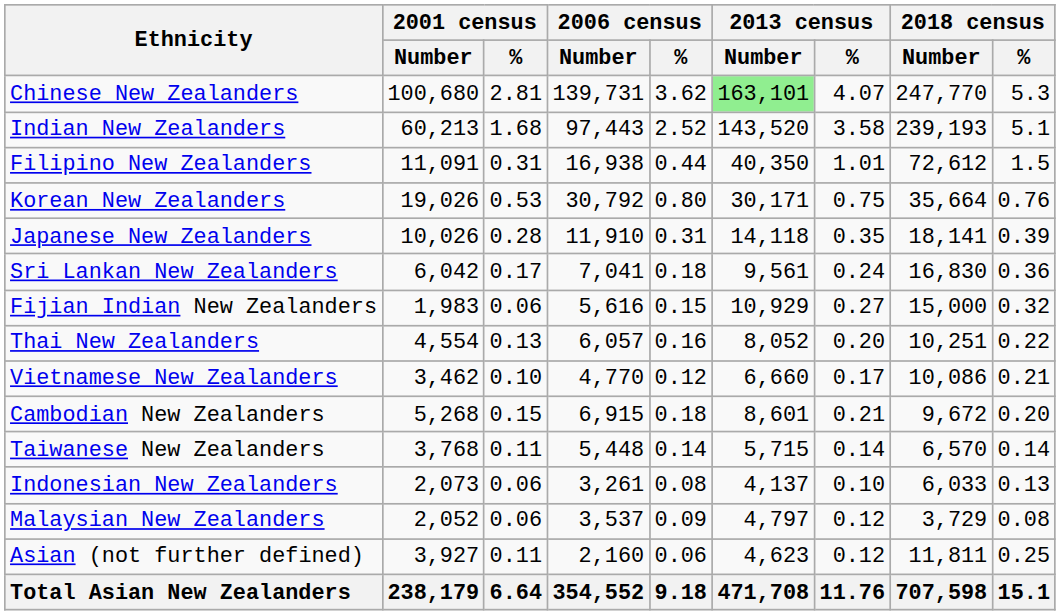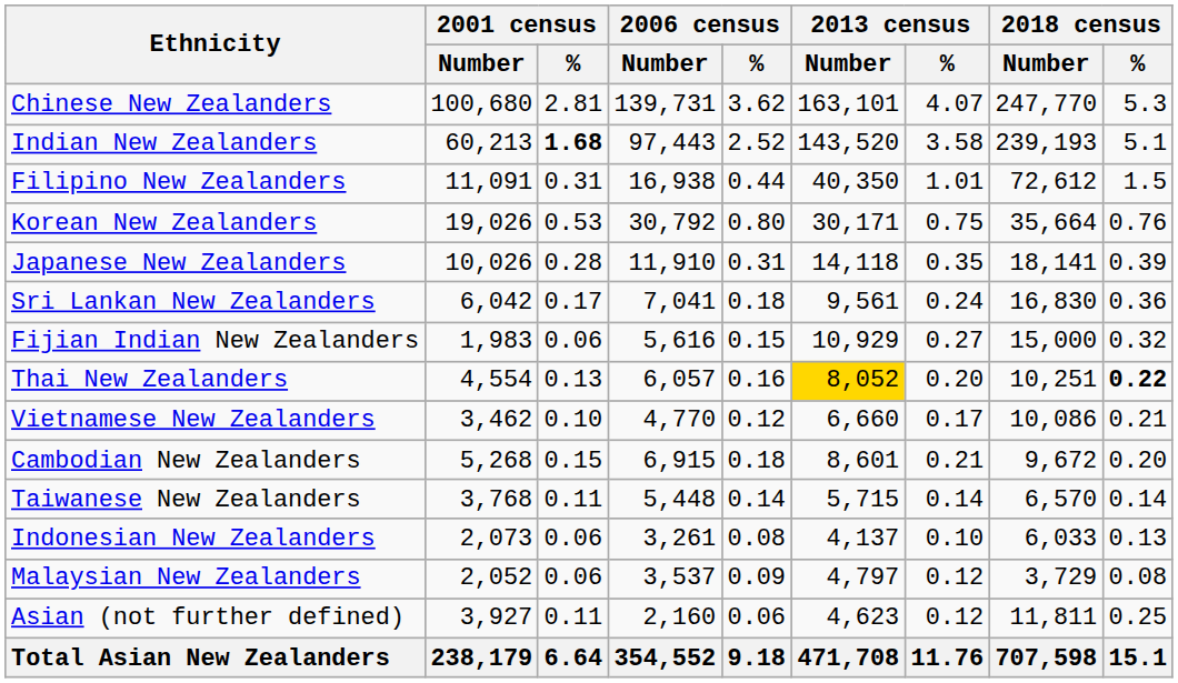 <table class="wikitable" style="text-align:right;">
 <tr>
 <th rowspan=2>Ethnicity</th>
 <th colspan=2>2001 census</th>
 <th colspan=2>2006 census</th>
 <th colspan=2>2013 census</th>
 <th colspan="2">2018 census</th>
 </tr>
 <tr>
 <th>Number</th>
 <th>%</th>
 <th>Number</th>
 <th>%</th>
 <th>Number</th>
 <th>%</th>
 <th>Number</th>
 <th>%</th>
 </tr>
 <tr>
 <td style="text-align:left;"><a href='#'>Chinese New Zealanders</a></td>
 <td>100,680</td>
 <td>2.81</td>
 <td>139,731</td>
 <td>3.62</td>
-<td style="background: lightgreen;">163,101</td>
+<td>163,101</td>
 <td>4.07</td>
 <td>247,770</td>
 <td>5.3</td>
 </tr>
 <tr>
 <td style="text-align:left;"><a href='#'>Indian New Zealanders</a></td>
 <td>60,213</td>
-<td>1.68</td>
+<td><strong>1.68</strong></td>
 <td>97,443</td>
 <td>2.52</td>
 <td>143,520</td>
 <td>3.58</td>
 <td>239,193</td>
 <td>5.1</td>
 </tr>
 <tr>
 <td style="text-align:left;"><a href='#'>Filipino New Zealanders</a></td>
 <td>11,091</td>
 <td>0.31</td>
 <td>16,938</td>
 <td>0.44</td>
 <td>40,350</td>
 <td>1.01</td>
 <td>72,612</td>
 <td>1.5</td>
 </tr>
 <tr>
 <td style="text-align:left;"><a href='#'>Korean New Zealanders</a></td>
 <td>19,026</td>
 <td>0.53</td>
 <td>30,792</td>
 <td>0.80</td>
 <td>30,171</td>
 <td>0.75</td>
 <td>35,664</td>
 <td>0.76</td>
 </tr>
 <tr>
 <td style="text-align:left;"><a href='#'>Japanese New Zealanders</a></td>
 <td>10,026</td>
 <td>0.28</td>
 <td>11,910</td>
 <td>0.31</td>
 <td>14,118</td>
 <td>0.35</td>
 <td>18,141</td>
 <td>0.39</td>
 </tr>
 <tr>
 <td style="text-align:left;"><a href='#'>Sri Lankan New Zealanders</a></td>
 <td>6,042</td>
 <td>0.17</td>
 <td>7,041</td>
 <td>0.18</td>
 <td>9,561</td>
 <td>0.24</td>
 <td>16,830</td>
 <td>0.36</td>
 </tr>
 <tr>
 <td style="text-align:left;"><a href='#'>Fijian Indian</a> New Zealanders</td>
 <td>1,983</td>
 <td>0.06</td>
 <td>5,616</td>
 <td>0.15</td>
 <td>10,929</td>
 <td>0.27</td>
 <td>15,000</td>
 <td>0.32</td>
 </tr>
 <tr>
 <td style="text-align:left;"><a href='#'>Thai New Zealanders</a></td>
 <td>4,554</td>
 <td>0.13</td>
 <td>6,057</td>
 <td>0.16</td>
-<td>8,052</td>
+<td style="background: gold;">8,052</td>
 <td>0.20</td>
 <td>10,251</td>
-<td>0.22</td>
+<td><strong>0.22</strong></td>
 </tr>
 <tr>
 <td style="text-align:left;"><a href='#'>Vietnamese New Zealanders</a></td>
 <td>3,462</td>
 <td>0.10</td>
 <td>4,770</td>
 <td>0.12</td>
 <td>6,660</td>
 <td>0.17</td>
 <td>10,086</td>
 <td>0.21</td>
 </tr>
 <tr>
 <td style="text-align:left;"><a href='#'>Cambodian</a> New Zealanders</td>
 <td>5,268</td>
 <td>0.15</td>
 <td>6,915</td>
 <td>0.18</td>
 <td>8,601</td>
 <td>0.21</td>
 <td>9,672</td>
 <td>0.20</td>
 </tr>
 <tr>
 <td style="text-align:left;"><a href='#'>Taiwanese</a> New Zealanders</td>
 <td>3,768</td>
 <td>0.11</td>
 <td>5,448</td>
 <td>0.14</td>
 <td>5,715</td>
 <td>0.14</td>
 <td>6,570</td>
 <td>0.14</td>
 </tr>
 <tr>
 <td style="text-align:left;"><a href='#'>Indonesian New Zealanders</a></td>
 <td>2,073</td>
 <td>0.06</td>
 <td>3,261</td>
 <td>0.08</td>
 <td>4,137</td>
 <td>0.10</td>
 <td>6,033</td>
 <td>0.13</td>
 </tr>
 <tr>
 <td style="text-align:left;"><a href='#'>Malaysian New Zealanders</a></td>
 <td>2,052</td>
 <td>0.06</td>
 <td>3,537</td>
 <td>0.09</td>
 <td>4,797</td>
 <td>0.12</td>
 <td>3,729</td>
 <td>0.08</td>
 </tr>
 <tr>
 <td style="text-align:left;"><a href='#'>Asian</a> (not further defined)</td>
 <td>3,927</td>
 <td>0.11</td>
 <td>2,160</td>
 <td>0.06</td>
 <td>4,623</td>
 <td>0.12</td>
 <td>11,811</td>
 <td>0.25</td>
 </tr>
 <tr>
 <th style="text-align:left;">Total Asian New Zealanders</th>
 <th style="text-align:right;">238,179</th>
 <th style="text-align:right;">6.64</th>
 <th style="text-align:right;">354,552</th>
 <th style="text-align:right;">9.18</th>
 <th style="text-align:right;">471,708</th>
 <th style="text-align:right;">11.76</th>
 <th>707,598</th>
 <th>15.1</th>
 </tr>
 </table>
